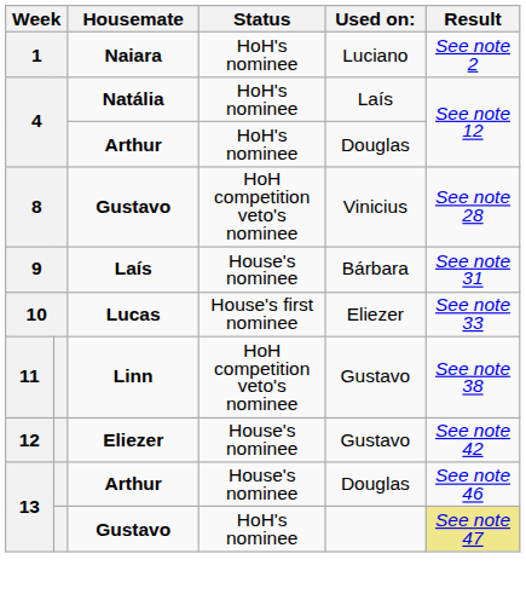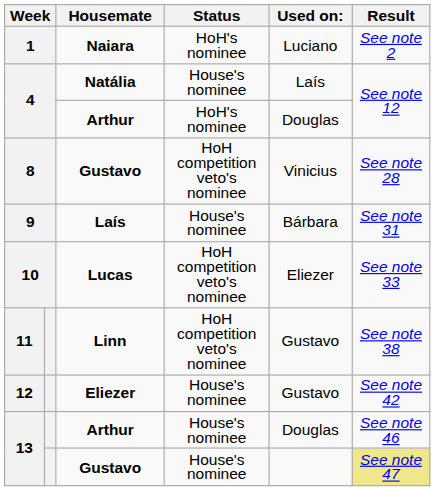 <table class="wikitable" style="width:60%; text-align:center; font-size:85%; line-height:13px;">
 <tr>
 <th width="03.00%" colspan=2>Week</th>
 <th width="14.25%">Housemate</th>
 <th width="14.25%">Status</th>
 <th width="14.25%">Used on:</th>
 <th width="14.25%">Result</th>
 </tr>
 <tr>
 <th colspan=2 style="height:25px">1</th>
 <td><strong>Naiara</strong></td>
 <td>HoH's nominee</td>
 <td>Luciano</td>
 <td><em><a href='#'>See note 2</a></em></td>
 </tr>
 <tr>
 <th rowspan=2 colspan=2 style="height:25px">4</th>
 <td style="height:25px"><strong>Natália</strong></td>
-<td>HoH's nominee</td>
+<td>House's nominee</td>
 <td>Laís</td>
 <td rowspan="2"><em><a href='#'>See note 12</a></em></td>
 </tr>
 <tr>
 <td style="height:25px"><strong>Arthur</strong></td>
 <td>HoH's nominee</td>
 <td>Douglas</td>
 </tr>
 <tr>
 <th colspan=2 style="height:25px">8</th>
 <td><strong>Gustavo</strong></td>
 <td>HoH competition veto's nominee</td>
 <td>Vinicius</td>
 <td><em><a href='#'>See note 28</a></em></td>
 </tr>
 <tr>
 <th colspan=2 style="height:25px">9</th>
 <td><strong>Laís</strong></td>
 <td>House's nominee</td>
 <td>Bárbara</td>
 <td><em><a href='#'>See note 31</a></em></td>
 </tr>
 <tr>
 <th colspan=2 style="height:25px">10</th>
 <td><strong>Lucas</strong></td>
-<td>House's first nominee</td>
+<td>HoH competition veto's nominee</td>
 <td>Eliezer</td>
 <td><em><a href='#'>See note 33</a></em></td>
 </tr>
 <tr>
 <th style="height:25px">11</th>
 <th style="height:25px"></th>
 <td><strong>Linn</strong></td>
 <td>HoH competition veto's nominee</td>
 <td>Gustavo</td>
 <td><em><a href='#'>See note 38</a></em></td>
 </tr>
 <tr>
 <th style="height:25px">12</th>
 <th style="height:25px"></th>
 <td><strong>Eliezer</strong></td>
 <td>House's nominee</td>
 <td>Gustavo</td>
 <td><em><a href='#'>See note 42</a></em></td>
 </tr>
 <tr>
 <th rowspan=2 style="height:25px">13</th>
 <th style="height:25px"></th>
 <td><strong>Arthur</strong></td>
 <td>House's nominee</td>
 <td>Douglas</td>
 <td><em><a href='#'>See note 46</a></em></td>
 </tr>
 <tr>
 <th style="height:25px"></th>
 <td><strong>Gustavo</strong></td>
-<td>HoH's nominee</td>
+<td>House's nominee</td>
 <td></td>
 <td style="background: khaki;"><em><a href='#'>See note 47</a></em></td>
 </tr>
 </table>
